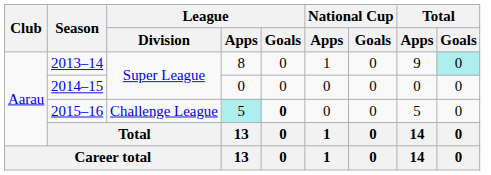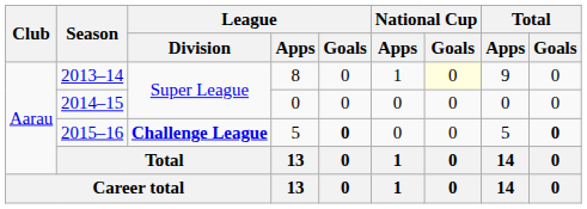 <table class="wikitable" style="text-align: center;">
 <tr>
 <th rowspan="2">Club</th>
 <th rowspan="2">Season</th>
 <th colspan="3">League</th>
 <th colspan="2">National Cup</th>
 <th colspan="2">Total</th>
 </tr>
 <tr>
 <th>Division</th>
 <th>Apps</th>
 <th>Goals</th>
 <th>Apps</th>
 <th>Goals</th>
 <th>Apps</th>
 <th>Goals</th>
 </tr>
 <tr>
 <td rowspan="4" valign="center"><a href='#'>Aarau</a></td>
 <td><a href='#'>2013–14</a></td>
 <td rowspan="2" valign="center"><a href='#'>Super League</a></td>
 <td>8</td>
 <td>0</td>
 <td>1</td>
+<td style="background: lightyellow;">0</td>
+<td>9</td>
 <td>0</td>
-<td>9</td>
-<td style="background: paleturquoise;">0</td>
 </tr>
 <tr>
 <td><a href='#'>2014–15</a></td>
 <td>0</td>
 <td>0</td>
 <td>0</td>
 <td>0</td>
 <td>0</td>
 <td>0</td>
 </tr>
 <tr>
 <td><a href='#'>2015–16</a></td>
-<td><a href='#'>Challenge League</a></td>
-<td style="background: paleturquoise;">5</td>
+<td><strong><a href='#'>Challenge League</a></strong></td>
+<td>5</td>
 <td><strong>0</strong></td>
 <td>0</td>
 <td>0</td>
 <td>5</td>
-<td>0</td>
+<td><strong>0</strong></td>
 </tr>
 <tr>
 <th colspan="2">Total</th>
 <th>13</th>
 <th>0</th>
 <th>1</th>
 <th>0</th>
 <th>14</th>
 <th>0</th>
 </tr>
 <tr>
 <th colspan="3">Career total</th>
 <th>13</th>
 <th>0</th>
 <th>1</th>
 <th>0</th>
 <th>14</th>
 <th>0</th>
 </tr>
 </table>
